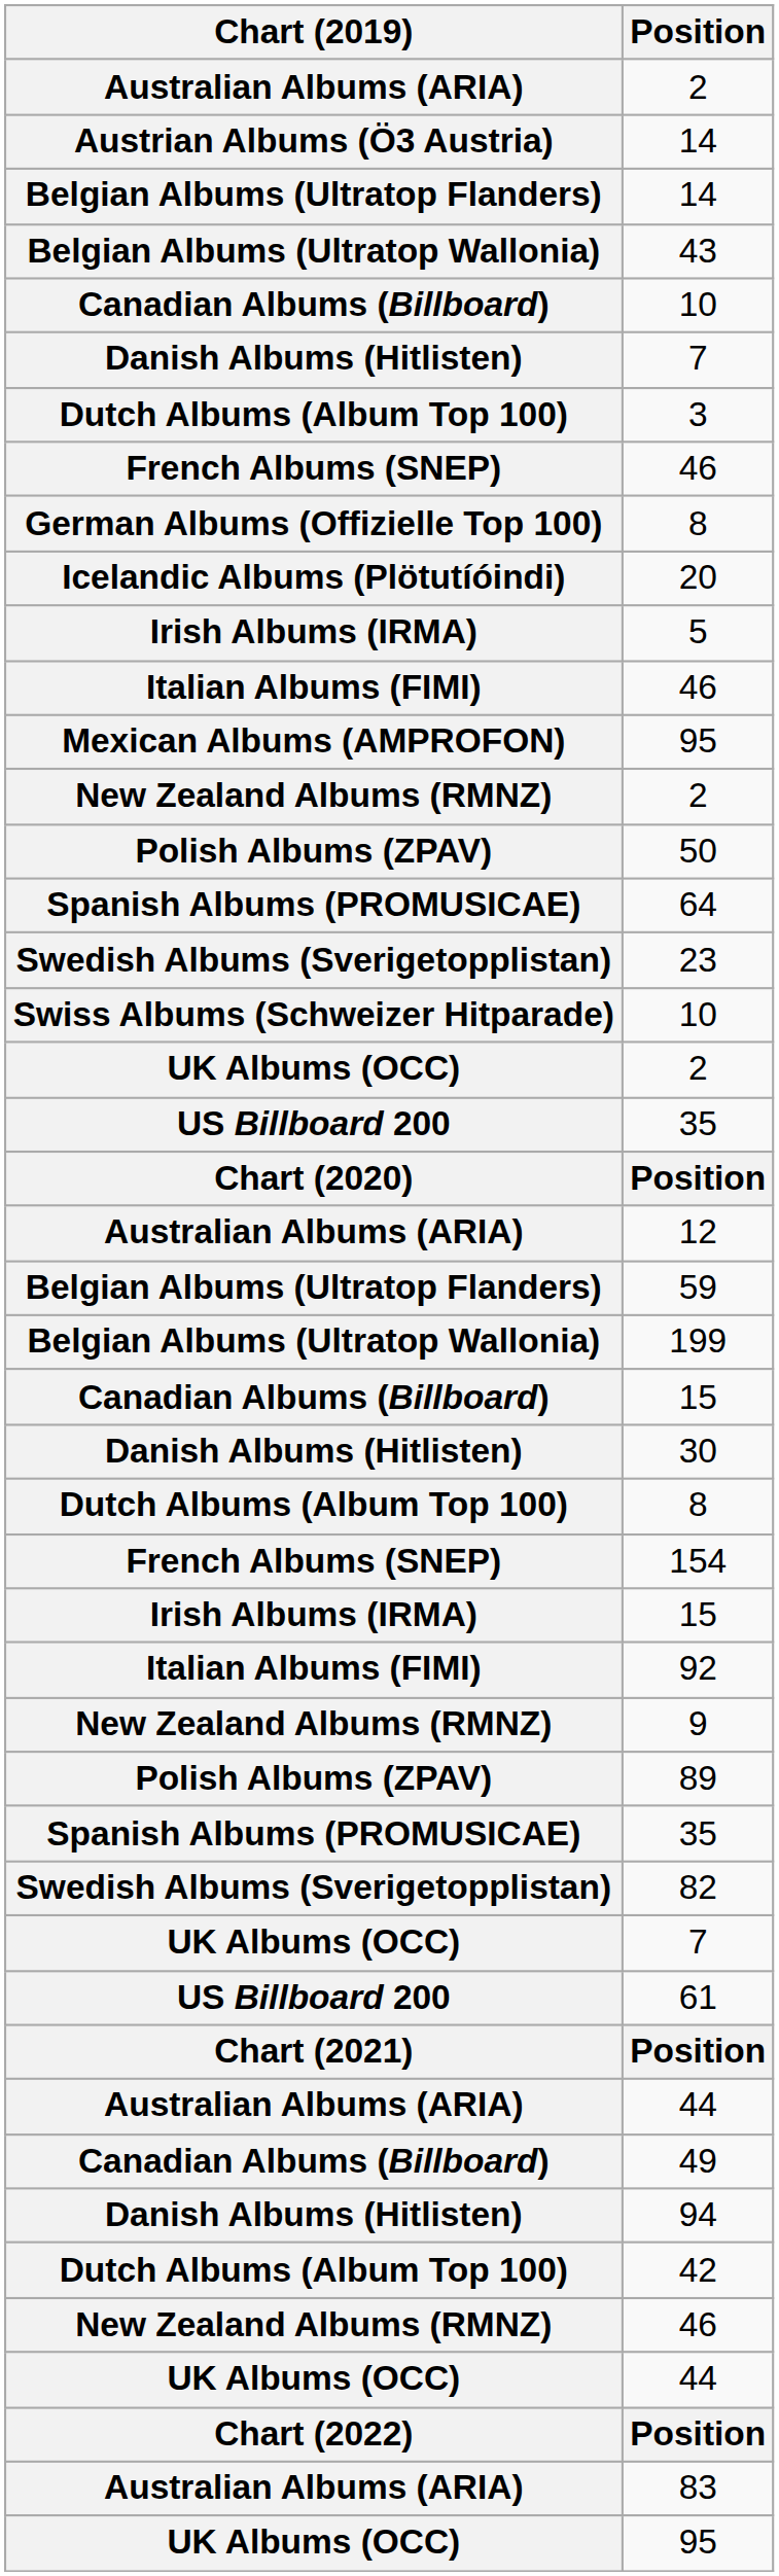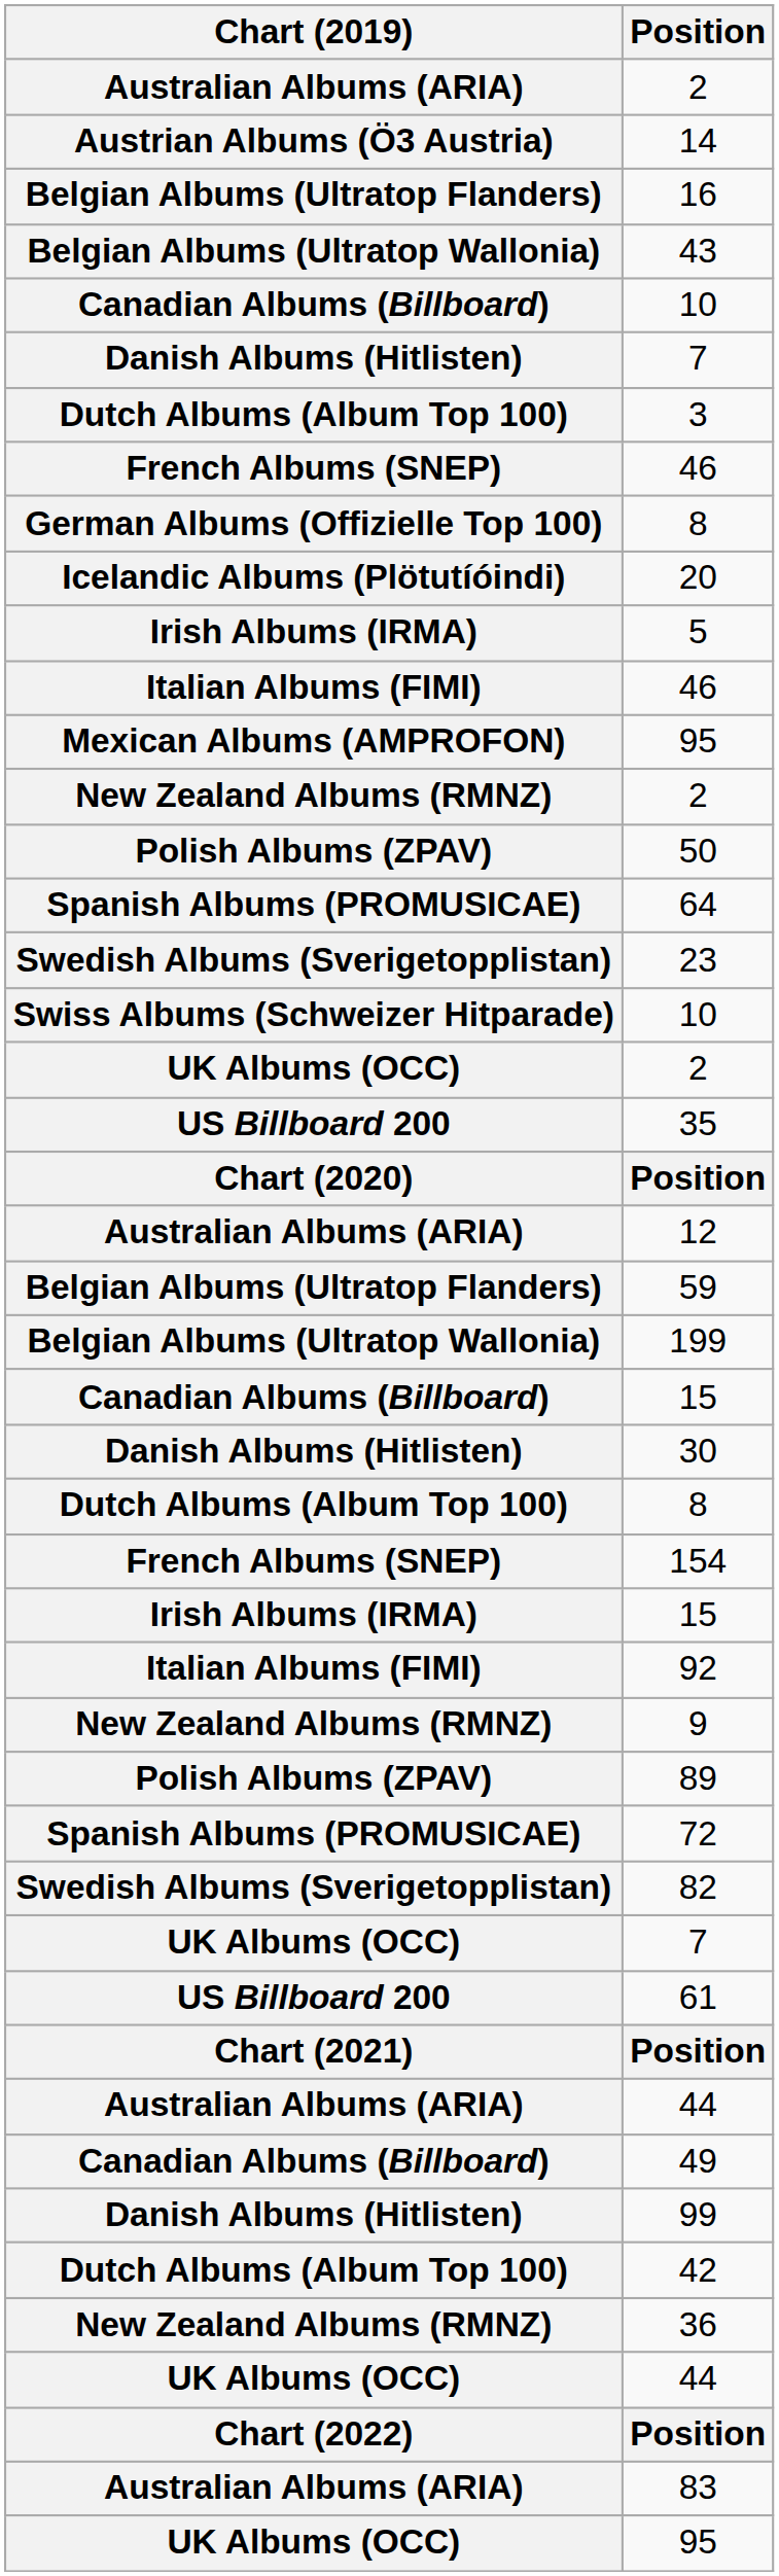 <table class="wikitable sortable plainrowheaders" style="text-align:center">
 <tr>
 <th scope="col">Chart (2019)</th>
 <th scope="col">Position</th>
 </tr>
 <tr>
 <th scope="row">Australian Albums (ARIA)</th>
 <td>2</td>
 </tr>
 <tr>
 <th scope="row">Austrian Albums (Ö3 Austria)</th>
 <td>14</td>
 </tr>
 <tr>
 <th scope="row">Belgian Albums (Ultratop Flanders)</th>
-<td>14</td>
+<td>16</td>
 </tr>
 <tr>
 <th scope="row">Belgian Albums (Ultratop Wallonia)</th>
 <td>43</td>
 </tr>
 <tr>
 <th scope="row">Canadian Albums (<em>Billboard</em>)</th>
 <td>10</td>
 </tr>
 <tr>
 <th scope="row">Danish Albums (Hitlisten)</th>
 <td>7</td>
 </tr>
 <tr>
 <th scope="row">Dutch Albums (Album Top 100)</th>
 <td>3</td>
 </tr>
 <tr>
 <th scope="row">French Albums (SNEP)</th>
 <td>46</td>
 </tr>
 <tr>
 <th scope="row">German Albums (Offizielle Top 100)</th>
 <td>8</td>
 </tr>
 <tr>
 <th scope="row">Icelandic Albums (Plötutíóindi)</th>
 <td>20</td>
 </tr>
 <tr>
 <th scope="row">Irish Albums (IRMA)</th>
 <td>5</td>
 </tr>
 <tr>
 <th scope="row">Italian Albums (FIMI)</th>
 <td>46</td>
 </tr>
 <tr>
 <th scope="row">Mexican Albums (AMPROFON)</th>
 <td>95</td>
 </tr>
 <tr>
 <th scope="row">New Zealand Albums (RMNZ)</th>
 <td>2</td>
 </tr>
 <tr>
 <th scope="row">Polish Albums (ZPAV)</th>
 <td>50</td>
 </tr>
 <tr>
 <th scope="row">Spanish Albums (PROMUSICAE)</th>
 <td>64</td>
 </tr>
 <tr>
 <th scope="row">Swedish Albums (Sverigetopplistan)</th>
 <td>23</td>
 </tr>
 <tr>
 <th scope="row">Swiss Albums (Schweizer Hitparade)</th>
 <td>10</td>
 </tr>
 <tr>
 <th scope="row">UK Albums (OCC)</th>
 <td>2</td>
 </tr>
 <tr>
 <th scope="row">US <em>Billboard</em> 200</th>
 <td>35</td>
 </tr>
 <tr>
 <th scope="col">Chart (2020)</th>
 <th scope="col">Position</th>
 </tr>
 <tr>
 <th scope="row">Australian Albums (ARIA)</th>
 <td>12</td>
 </tr>
 <tr>
 <th scope="row">Belgian Albums (Ultratop Flanders)</th>
 <td>59</td>
 </tr>
 <tr>
 <th scope="row">Belgian Albums (Ultratop Wallonia)</th>
 <td>199</td>
 </tr>
 <tr>
 <th scope="row">Canadian Albums (<em>Billboard</em>)</th>
 <td>15</td>
 </tr>
 <tr>
 <th scope="row">Danish Albums (Hitlisten)</th>
 <td>30</td>
 </tr>
 <tr>
 <th scope="row">Dutch Albums (Album Top 100)</th>
 <td>8</td>
 </tr>
 <tr>
 <th scope="row">French Albums (SNEP)</th>
 <td>154</td>
 </tr>
 <tr>
 <th scope="row">Irish Albums (IRMA)</th>
 <td>15</td>
 </tr>
 <tr>
 <th scope="row">Italian Albums (FIMI)</th>
 <td>92</td>
 </tr>
 <tr>
 <th scope="row">New Zealand Albums (RMNZ)</th>
 <td>9</td>
 </tr>
 <tr>
 <th scope="row">Polish Albums (ZPAV)</th>
 <td>89</td>
 </tr>
 <tr>
 <th scope="row">Spanish Albums (PROMUSICAE)</th>
-<td>35</td>
+<td>72</td>
 </tr>
 <tr>
 <th scope="row">Swedish Albums (Sverigetopplistan)</th>
 <td>82</td>
 </tr>
 <tr>
 <th scope="row">UK Albums (OCC)</th>
 <td>7</td>
 </tr>
 <tr>
 <th scope="row">US <em>Billboard</em> 200</th>
 <td>61</td>
 </tr>
 <tr>
 <th scope="col">Chart (2021)</th>
 <th scope="col">Position</th>
 </tr>
 <tr>
 <th scope="row">Australian Albums (ARIA)</th>
 <td>44</td>
 </tr>
 <tr>
 <th scope="row">Canadian Albums (<em>Billboard</em>)</th>
 <td>49</td>
 </tr>
 <tr>
 <th scope="row">Danish Albums (Hitlisten)</th>
-<td>94</td>
+<td>99</td>
 </tr>
 <tr>
 <th scope="row">Dutch Albums (Album Top 100)</th>
 <td>42</td>
 </tr>
 <tr>
 <th scope="row">New Zealand Albums (RMNZ)</th>
-<td>46</td>
+<td>36</td>
 </tr>
 <tr>
 <th scope="row">UK Albums (OCC)</th>
 <td>44</td>
 </tr>
 <tr>
 <th scope="col">Chart (2022)</th>
 <th scope="col">Position</th>
 </tr>
 <tr>
 <th scope="row">Australian Albums (ARIA)</th>
 <td>83</td>
 </tr>
 <tr>
 <th scope="row">UK Albums (OCC)</th>
 <td>95</td>
 </tr>
 </table>
